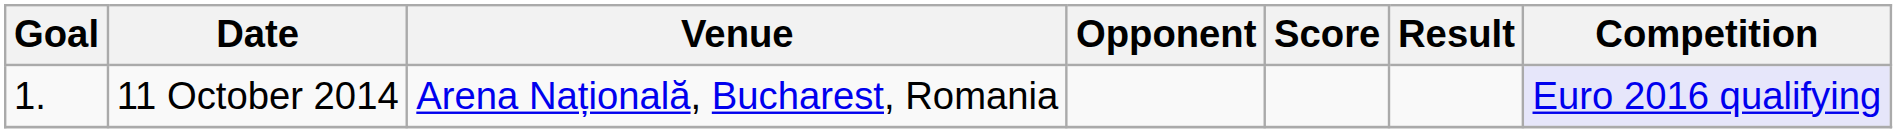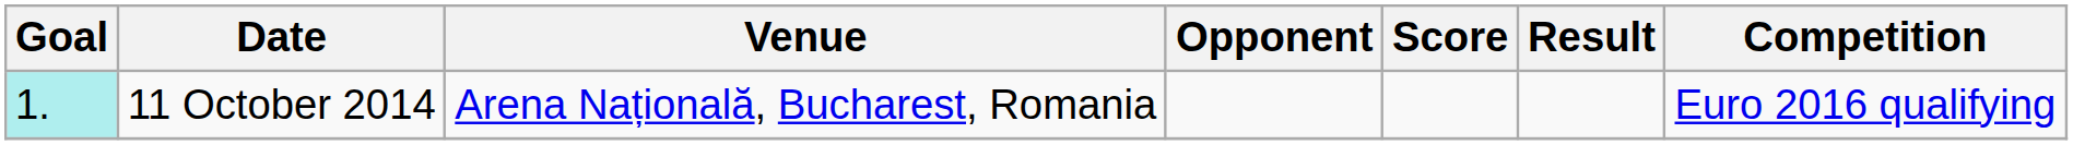 <table class="wikitable" style="font-size:100%" align=center>
 <tr>
 <th>Goal</th>
 <th>Date</th>
 <th>Venue</th>
 <th>Opponent</th>
 <th>Score</th>
 <th>Result</th>
 <th>Competition</th>
 </tr>
 <tr>
-<td>1.</td>
+<td style="background: paleturquoise;">1.</td>
 <td>11 October 2014</td>
 <td><a href='#'>Arena Națională</a>, <a href='#'>Bucharest</a>, Romania</td>
 <td></td>
 <td></td>
 <td></td>
-<td style="background: lavender;"><a href='#'>Euro 2016 qualifying</a></td>
+<td><a href='#'>Euro 2016 qualifying</a></td>
 </tr>
 <tr>
 </tr>
 </table>
